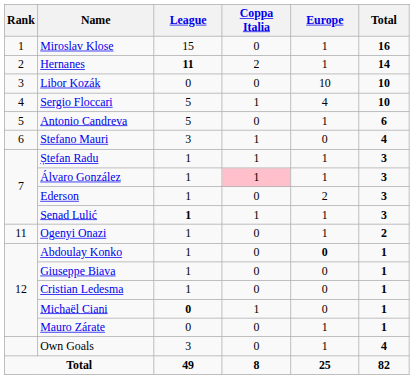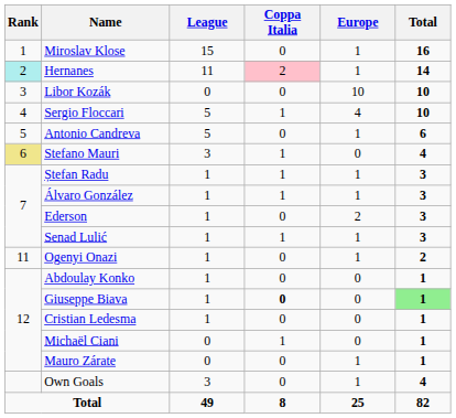 <table class="wikitable" style="text-align:center">
 <tr>
 <th style="vertical-align:center">Rank</th>
 <th style="width:150px">Name</th>
 <th style="width:85px"><a href='#'>League</a></th>
 <th style="width:85px"><a href='#'>Coppa Italia</a></th>
 <th style="width:85px"><a href='#'>Europe</a></th>
 <th style="width:60px">Total</th>
 </tr>
 <tr>
 <td>1</td>
 <td align=left> <a href='#'>Miroslav Klose</a></td>
 <td>15</td>
 <td>0</td>
 <td>1</td>
 <td><strong>16</strong></td>
 </tr>
 <tr>
-<td>2</td>
+<td style="background: paleturquoise;">2</td>
 <td align=left> <a href='#'>Hernanes</a></td>
-<td><strong>11</strong></td>
-<td>2</td>
+<td>11</td>
+<td style="background: pink;">2</td>
 <td>1</td>
 <td><strong>14</strong></td>
 </tr>
 <tr>
 <td>3</td>
 <td align=left> <a href='#'>Libor Kozák</a></td>
 <td>0</td>
 <td>0</td>
 <td>10</td>
 <td><strong>10</strong></td>
 </tr>
 <tr>
 <td>4</td>
 <td align=left> <a href='#'>Sergio Floccari</a></td>
 <td>5</td>
 <td>1</td>
 <td>4</td>
 <td><strong>10</strong></td>
 </tr>
 <tr>
 <td>5</td>
 <td align=left> <a href='#'>Antonio Candreva</a></td>
 <td>5</td>
 <td>0</td>
 <td>1</td>
 <td><strong>6</strong></td>
 </tr>
 <tr>
-<td>6</td>
+<td style="background: khaki;">6</td>
 <td align=left> <a href='#'>Stefano Mauri</a></td>
 <td>3</td>
 <td>1</td>
 <td>0</td>
 <td><strong>4</strong></td>
 </tr>
 <tr>
 <td rowspan="4">7</td>
 <td align=left> <a href='#'>Ștefan Radu</a></td>
 <td>1</td>
 <td>1</td>
 <td>1</td>
 <td><strong>3</strong></td>
 </tr>
 <tr>
 <td align=left> <a href='#'>Álvaro González</a></td>
 <td>1</td>
-<td style="background: pink;">1</td>
+<td>1</td>
 <td>1</td>
 <td><strong>3</strong></td>
 </tr>
 <tr>
 <td align=left> <a href='#'>Ederson</a></td>
 <td>1</td>
 <td>0</td>
 <td>2</td>
 <td><strong>3</strong></td>
 </tr>
 <tr>
 <td align=left> <a href='#'>Senad Lulić</a></td>
-<td><strong>1</strong></td>
+<td>1</td>
 <td>1</td>
 <td>1</td>
 <td><strong>3</strong></td>
 </tr>
 <tr>
 <td>11</td>
 <td align=left> <a href='#'>Ogenyi Onazi</a></td>
 <td>1</td>
 <td>0</td>
 <td>1</td>
 <td><strong>2</strong></td>
 </tr>
 <tr>
 <td rowspan="5">12</td>
 <td align=left> <a href='#'>Abdoulay Konko</a></td>
 <td>1</td>
 <td>0</td>
-<td><strong>0</strong></td>
+<td>0</td>
 <td><strong>1</strong></td>
 </tr>
 <tr>
 <td align=left> <a href='#'>Giuseppe Biava</a></td>
 <td>1</td>
+<td><strong>0</strong></td>
 <td>0</td>
-<td>0</td>
-<td><strong>1</strong></td>
+<td style="background: lightgreen;"><strong>1</strong></td>
 </tr>
 <tr>
 <td align=left> <a href='#'>Cristian Ledesma</a></td>
 <td>1</td>
 <td>0</td>
 <td>0</td>
 <td><strong>1</strong></td>
 </tr>
 <tr>
 <td align=left> <a href='#'>Michaël Ciani</a></td>
-<td><strong>0</strong></td>
+<td>0</td>
 <td>1</td>
 <td>0</td>
 <td><strong>1</strong></td>
 </tr>
 <tr>
 <td align=left> <a href='#'>Mauro Zárate</a></td>
 <td>0</td>
 <td>0</td>
 <td>1</td>
 <td><strong>1</strong></td>
 </tr>
 <tr>
 <td></td>
 <td align=left>Own Goals</td>
 <td>3</td>
 <td>0</td>
 <td>1</td>
 <td><strong>4</strong></td>
 </tr>
 <tr>
 <td colspan="2"><strong>Total</strong></td>
 <td><strong>49</strong></td>
 <td><strong>8</strong></td>
 <td><strong>25</strong></td>
 <td><strong>82</strong></td>
 </tr>
 </table>
